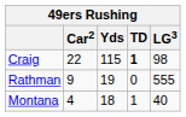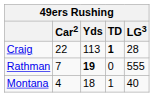 <table class="wikitable">
 <tr>
 <th colspan="5">49ers Rushing</th>
 </tr>
 <tr>
 <th></th>
 <th>Car<sup>2</sup></th>
 <th>Yds</th>
 <th>TD</th>
 <th>LG<sup>3</sup></th>
 </tr>
 <tr>
 <td><a href='#'>Craig</a></td>
 <td>22</td>
-<td>115</td>
+<td>113</td>
 <td><strong>1</strong></td>
-<td>98</td>
+<td>28</td>
 </tr>
 <tr>
 <td><a href='#'>Rathman</a></td>
-<td>9</td>
-<td>19</td>
+<td>7</td>
+<td><strong>19</strong></td>
 <td>0</td>
 <td>555</td>
 </tr>
 <tr>
 <td><a href='#'>Montana</a></td>
 <td>4</td>
 <td>18</td>
 <td>1</td>
 <td>40</td>
 </tr>
 </table>
